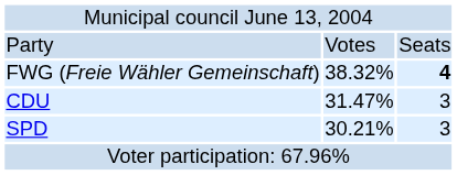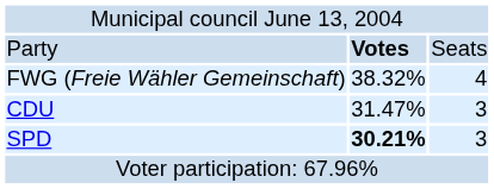 <table border=0>
 <tr bgcolor=#FFFFFF>
 </tr>
 <tr bgcolor=#CCDDEE>
 <td colspan=6 align=center>Municipal council June 13, 2004</td>
 </tr>
 <tr bgcolor=#CCDDEE>
 <td>Party</td>
-<td>Votes</td>
+<td><strong>Votes</strong></td>
 <td>Seats</td>
 </tr>
 <tr bgcolor=#DDEEFF>
 <td>FWG (<em>Freie Wähler Gemeinschaft</em>)</td>
 <td align=right>38.32%</td>
-<td align=right><strong>4</strong></td>
+<td align=right>4</td>
 </tr>
 <tr bgcolor=#DDEEFF>
 <td><a href='#'>CDU</a></td>
 <td align=right>31.47%</td>
 <td align=right>3</td>
 </tr>
 <tr bgcolor=#DDEEFF>
 <td><a href='#'>SPD</a></td>
-<td align=right>30.21%</td>
+<td align=right><strong>30.21%</strong></td>
 <td align=right>3</td>
 </tr>
 <tr bgcolor=#CCDDEE>
 <td colspan=6 align=center>Voter participation: 67.96%</td>
 </tr>
 </table>
